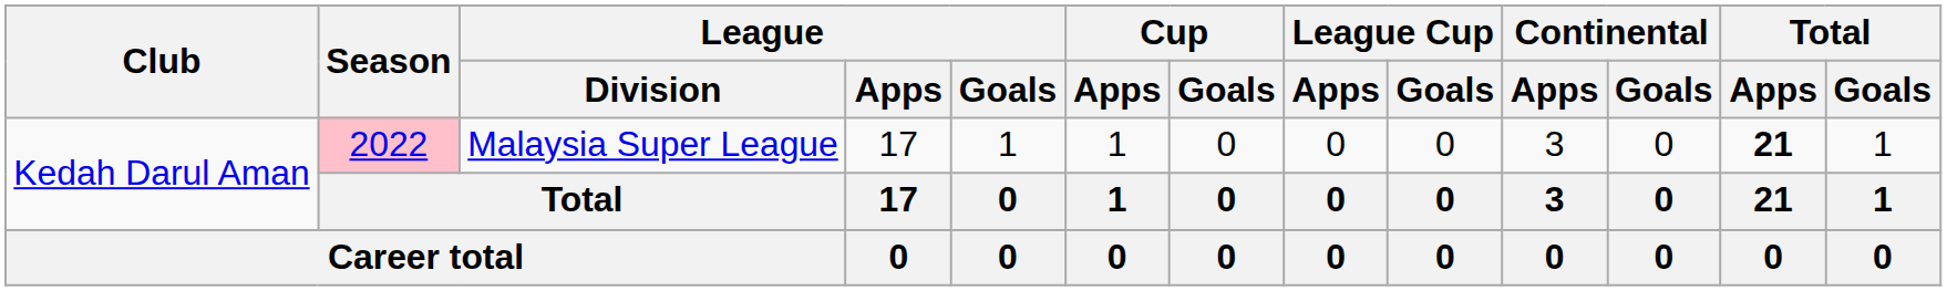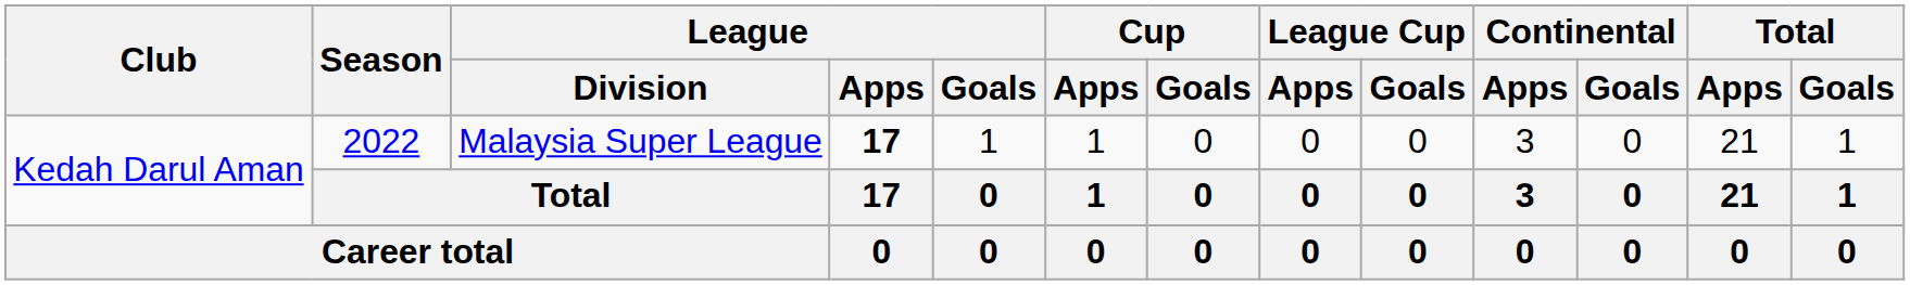 <table class=wikitable style="text-align:center">
 <tr>
 <th rowspan=2>Club</th>
 <th rowspan=2>Season</th>
 <th colspan=3>League</th>
 <th colspan=2>Cup</th>
 <th colspan=2>League Cup</th>
 <th colspan=2>Continental</th>
 <th colspan=2>Total</th>
 </tr>
 <tr>
 <th>Division</th>
 <th>Apps</th>
 <th>Goals</th>
 <th>Apps</th>
 <th>Goals</th>
 <th>Apps</th>
 <th>Goals</th>
 <th>Apps</th>
 <th>Goals</th>
 <th>Apps</th>
 <th>Goals</th>
 </tr>
 <tr>
 <td rowspan="2"><a href='#'>Kedah Darul Aman</a></td>
-<td style="background: pink;"><a href='#'>2022</a></td>
+<td><a href='#'>2022</a></td>
 <td><a href='#'>Malaysia Super League</a></td>
-<td>17</td>
+<td><strong>17</strong></td>
 <td>1</td>
 <td>1</td>
 <td>0</td>
 <td>0</td>
 <td>0</td>
 <td>3</td>
 <td>0</td>
-<td><strong>21</strong></td>
+<td>21</td>
 <td>1</td>
 </tr>
 <tr>
 <th colspan=2>Total</th>
 <th>17</th>
 <th>0</th>
 <th>1</th>
 <th>0</th>
 <th>0</th>
 <th>0</th>
 <th>3</th>
 <th>0</th>
 <th>21</th>
 <th>1</th>
 </tr>
 <tr>
 <th colspan=3>Career total</th>
 <th>0</th>
 <th>0</th>
 <th>0</th>
 <th>0</th>
 <th>0</th>
 <th>0</th>
 <th>0</th>
 <th>0</th>
 <th>0</th>
 <th>0</th>
 </tr>
 </table>
